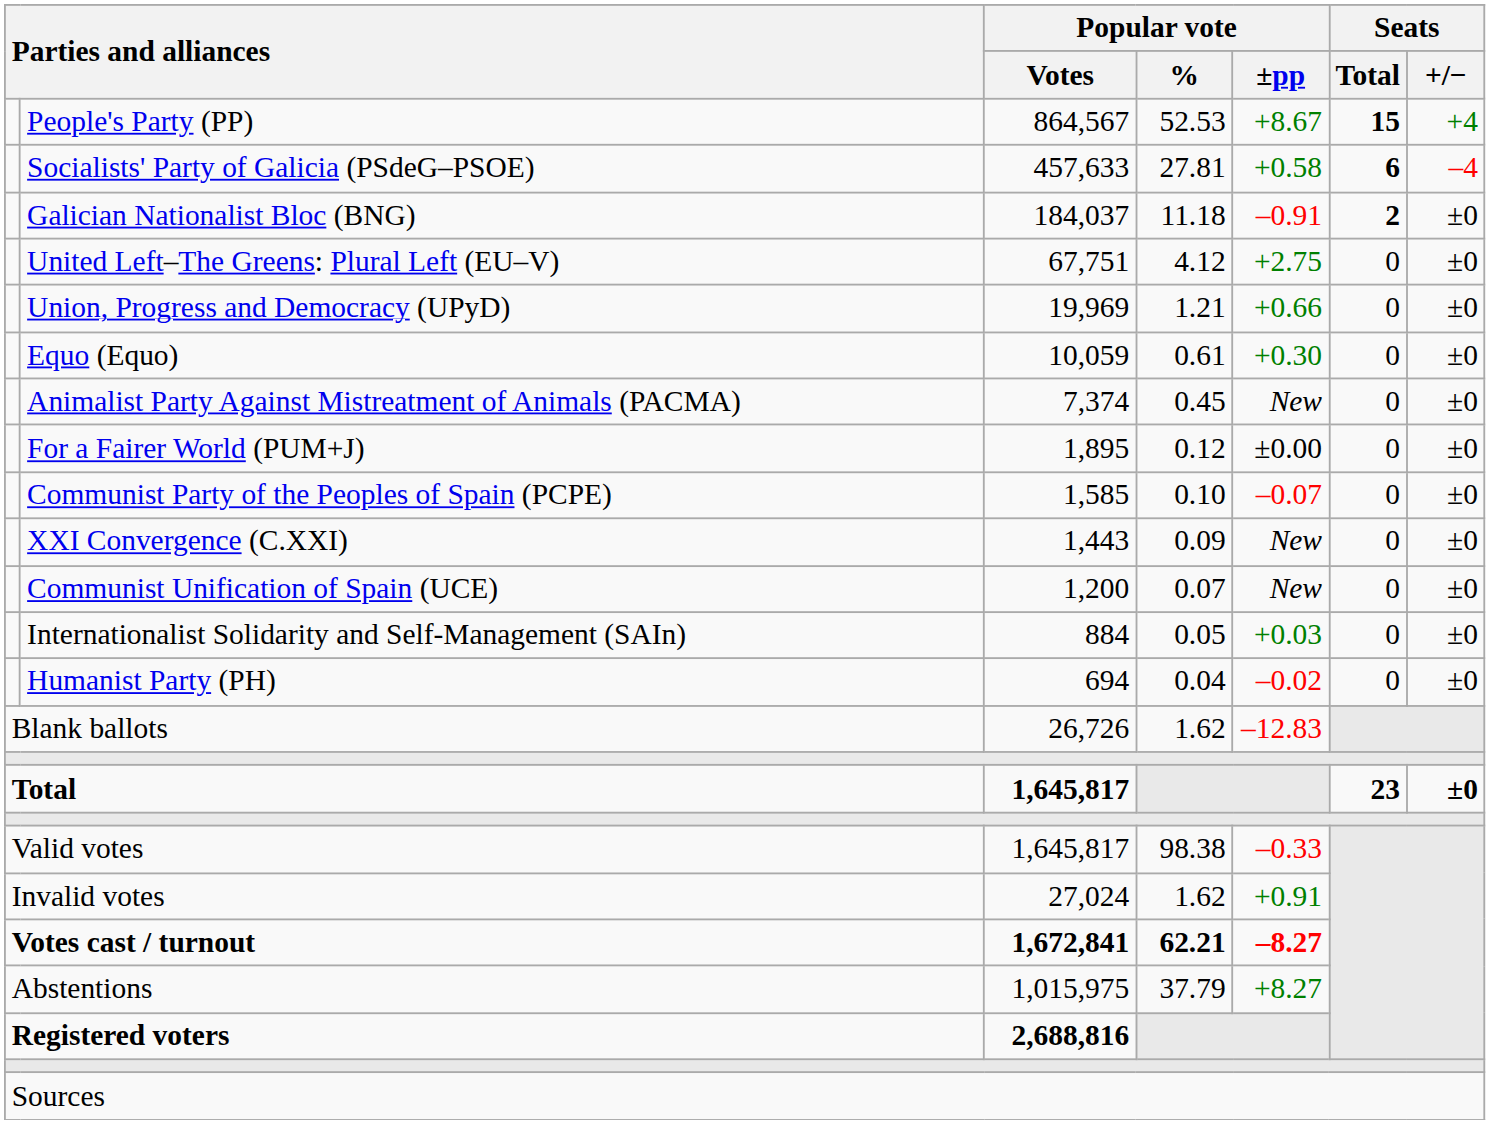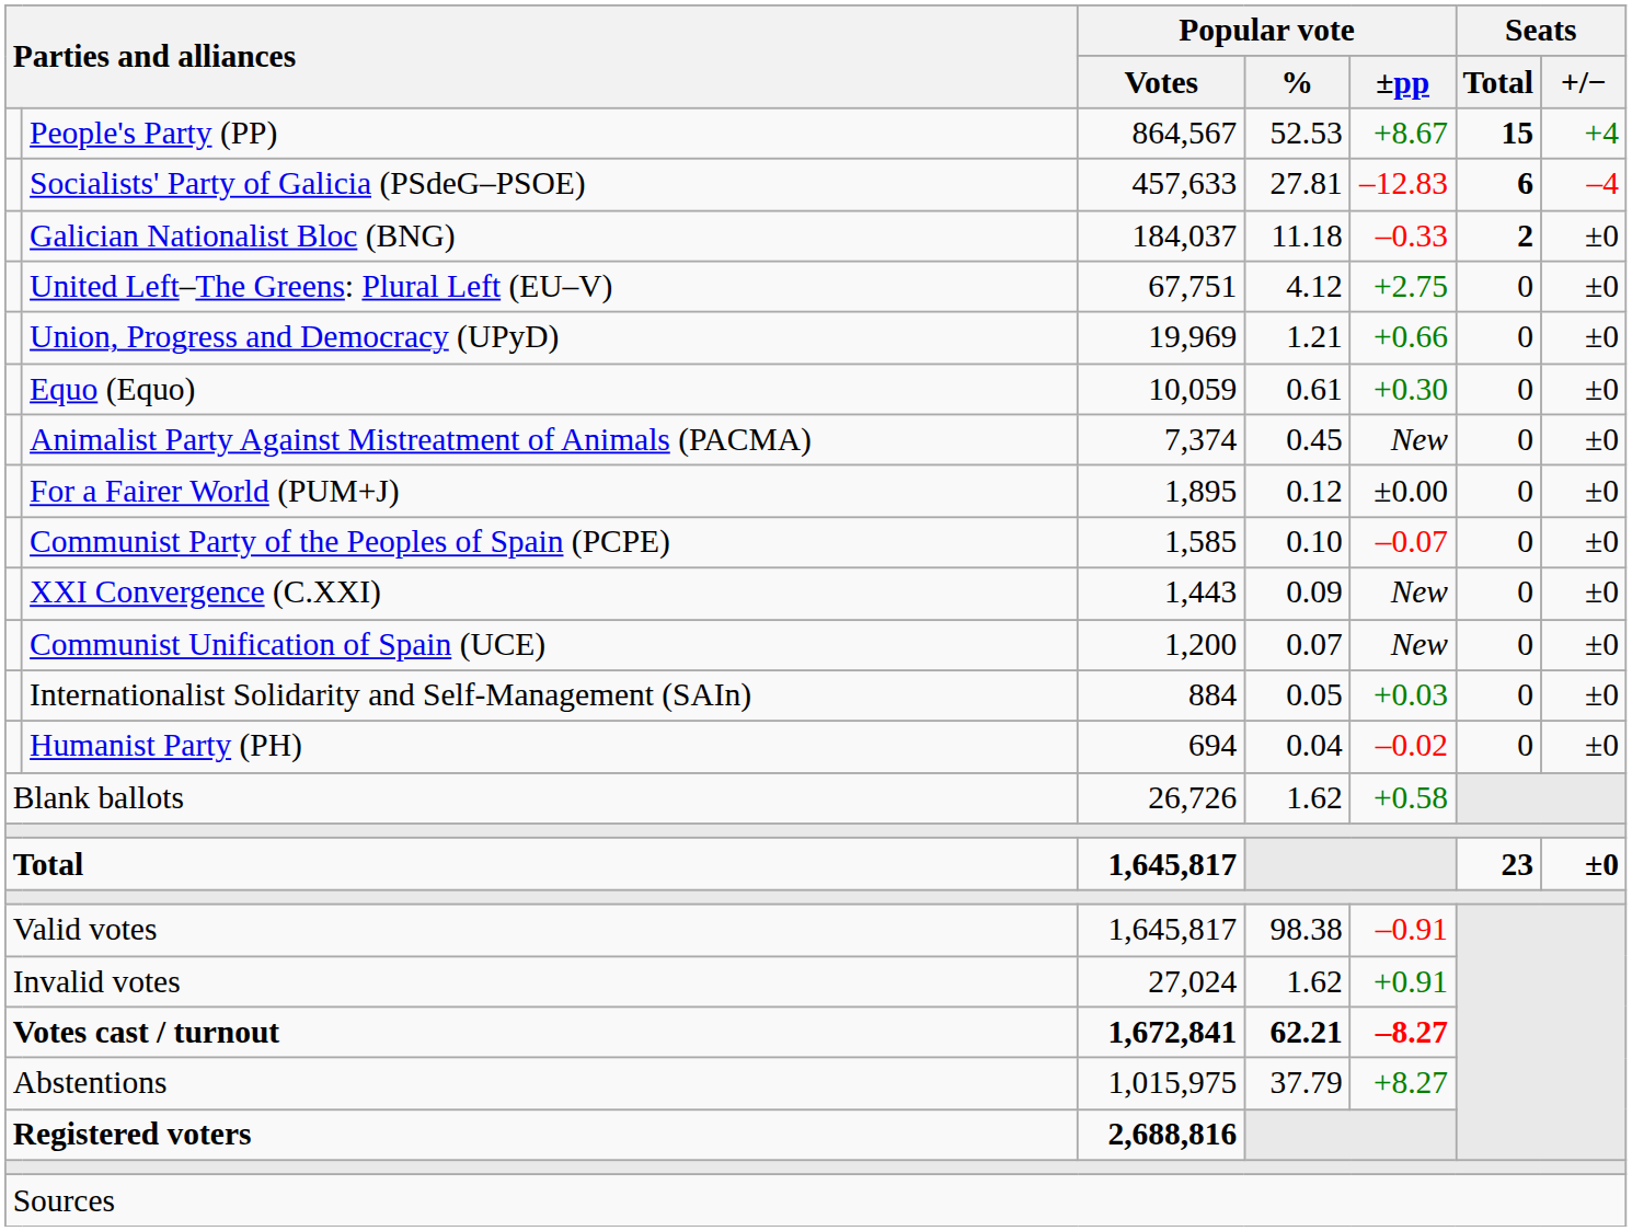 <table class="wikitable" style="text-align:right;">
 <tr>
 <th style="text-align:left;" rowspan="2" colspan="2" width="525">Parties and alliances</th>
 <th colspan="3">Popular vote</th>
 <th colspan="2">Seats</th>
 </tr>
 <tr>
 <th width="75">Votes</th>
 <th width="45">%</th>
 <th width="45">±<a href='#'>pp</a></th>
 <th width="35">Total</th>
 <th width="35">+/−</th>
 </tr>
 <tr>
 <td width="1" style="color:inherit;background:"></td>
 <td align="left"><a href='#'>People's Party</a> (PP)</td>
 <td>864,567</td>
 <td>52.53</td>
 <td style="color:green;">+8.67</td>
 <td><strong>15</strong></td>
 <td style="color:green;">+4</td>
 </tr>
 <tr>
 <td style="color:inherit;background:"></td>
 <td align="left"><a href='#'>Socialists' Party of Galicia</a> (PSdeG–PSOE)</td>
 <td>457,633</td>
 <td>27.81</td>
-<td style="color:green;">+0.58</td>
+<td style="color:red;">–12.83</td>
 <td><strong>6</strong></td>
 <td style="color:red;">–4</td>
 </tr>
 <tr>
 <td style="color:inherit;background:"></td>
 <td align="left"><a href='#'>Galician Nationalist Bloc</a> (BNG)</td>
 <td>184,037</td>
 <td>11.18</td>
-<td style="color:red;">–0.91</td>
+<td style="color:red;">–0.33</td>
 <td><strong>2</strong></td>
 <td>±0</td>
 </tr>
 <tr>
 <td style="color:inherit;background:"></td>
 <td align="left"><a href='#'>United Left</a>–<a href='#'>The Greens</a>: <a href='#'>Plural Left</a> (EU–V)</td>
 <td>67,751</td>
 <td>4.12</td>
 <td style="color:green;">+2.75</td>
 <td>0</td>
 <td>±0</td>
 </tr>
 <tr>
 <td style="color:inherit;background:"></td>
 <td align="left"><a href='#'>Union, Progress and Democracy</a> (UPyD)</td>
 <td>19,969</td>
 <td>1.21</td>
 <td style="color:green;">+0.66</td>
 <td>0</td>
 <td>±0</td>
 </tr>
 <tr>
 <td style="color:inherit;background:"></td>
 <td align="left"><a href='#'>Equo</a> (Equo)</td>
 <td>10,059</td>
 <td>0.61</td>
 <td style="color:green;">+0.30</td>
 <td>0</td>
 <td>±0</td>
 </tr>
 <tr>
 <td style="color:inherit;background:"></td>
 <td align="left"><a href='#'>Animalist Party Against Mistreatment of Animals</a> (PACMA)</td>
 <td>7,374</td>
 <td>0.45</td>
 <td><em>New</em></td>
 <td>0</td>
 <td>±0</td>
 </tr>
 <tr>
 <td style="color:inherit;background:"></td>
 <td align="left"><a href='#'>For a Fairer World</a> (PUM+J)</td>
 <td>1,895</td>
 <td>0.12</td>
 <td>±0.00</td>
 <td>0</td>
 <td>±0</td>
 </tr>
 <tr>
 <td style="color:inherit;background:"></td>
 <td align="left"><a href='#'>Communist Party of the Peoples of Spain</a> (PCPE)</td>
 <td>1,585</td>
 <td>0.10</td>
 <td style="color:red;">–0.07</td>
 <td>0</td>
 <td>±0</td>
 </tr>
 <tr>
 <td style="color:inherit;background:"></td>
 <td align="left"><a href='#'>XXI Convergence</a> (C.XXI)</td>
 <td>1,443</td>
 <td>0.09</td>
 <td><em>New</em></td>
 <td>0</td>
 <td>±0</td>
 </tr>
 <tr>
 <td style="color:inherit;background:"></td>
 <td align="left"><a href='#'>Communist Unification of Spain</a> (UCE)</td>
 <td>1,200</td>
 <td>0.07</td>
 <td><em>New</em></td>
 <td>0</td>
 <td>±0</td>
 </tr>
 <tr>
 <td style="color:inherit;background:"></td>
 <td align="left">Internationalist Solidarity and Self-Management (SAIn)</td>
 <td>884</td>
 <td>0.05</td>
 <td style="color:green;">+0.03</td>
 <td>0</td>
 <td>±0</td>
 </tr>
 <tr>
 <td style="color:inherit;background:"></td>
 <td align="left"><a href='#'>Humanist Party</a> (PH)</td>
 <td>694</td>
 <td>0.04</td>
 <td style="color:red;">–0.02</td>
 <td>0</td>
 <td>±0</td>
 </tr>
 <tr>
 <td align="left" colspan="2">Blank ballots</td>
 <td>26,726</td>
 <td>1.62</td>
-<td style="color:red;">–12.83</td>
+<td style="color:green;">+0.58</td>
 <td bgcolor="#E9E9E9" colspan="2"></td>
 </tr>
 <tr>
 <td colspan="7" bgcolor="#E9E9E9"></td>
 </tr>
 <tr style="font-weight:bold;">
 <td align="left" colspan="2">Total</td>
 <td>1,645,817</td>
 <td bgcolor="#E9E9E9" colspan="2"></td>
 <td>23</td>
 <td>±0</td>
 </tr>
 <tr>
 <td colspan="7" bgcolor="#E9E9E9"></td>
 </tr>
 <tr>
 <td align="left" colspan="2">Valid votes</td>
 <td>1,645,817</td>
 <td>98.38</td>
-<td style="color:red;">–0.33</td>
+<td style="color:red;">–0.91</td>
 <td bgcolor="#E9E9E9" colspan="2" rowspan="5"></td>
 </tr>
 <tr>
 <td align="left" colspan="2">Invalid votes</td>
 <td>27,024</td>
 <td>1.62</td>
 <td style="color:green;">+0.91</td>
 </tr>
 <tr style="font-weight:bold;">
 <td align="left" colspan="2">Votes cast / turnout</td>
 <td>1,672,841</td>
 <td>62.21</td>
 <td style="color:red;">–8.27</td>
 </tr>
 <tr>
 <td align="left" colspan="2">Abstentions</td>
 <td>1,015,975</td>
 <td>37.79</td>
 <td style="color:green;">+8.27</td>
 </tr>
 <tr style="font-weight:bold;">
 <td align="left" colspan="2">Registered voters</td>
 <td>2,688,816</td>
 <td bgcolor="#E9E9E9" colspan="2"></td>
 </tr>
 <tr>
 <td colspan="7" bgcolor="#E9E9E9"></td>
 </tr>
 <tr>
 <td align="left" colspan="7">Sources</td>
 </tr>
 </table>
